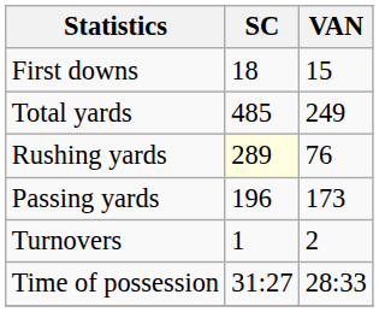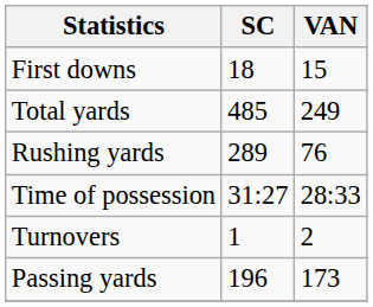 <table class="wikitable">
 <tr>
 <th>Statistics</th>
 <th>SC</th>
 <th>VAN</th>
 </tr>
 <tr>
 <td>First downs</td>
 <td>18</td>
 <td>15</td>
 </tr>
 <tr>
 <td>Total yards</td>
 <td>485</td>
 <td>249</td>
 </tr>
 <tr>
 <td>Rushing yards</td>
-<td style="background: lightyellow;">289</td>
+<td>289</td>
 <td>76</td>
+</tr>
+<tr>
+<td>Time of possession</td>
+<td>31:27</td>
+<td>28:33</td>
+</tr>
+<tr>
+<td>Turnovers</td>
+<td>1</td>
+<td>2</td>
 </tr>
 <tr>
 <td>Passing yards</td>
 <td>196</td>
 <td>173</td>
 </tr>
 <tr>
-<td>Turnovers</td>
-<td>1</td>
-<td>2</td>
-</tr>
-<tr>
-<td>Time of possession</td>
-<td>31:27</td>
-<td>28:33</td>
-</tr>
-<tr>
 </tr>
 </table>
